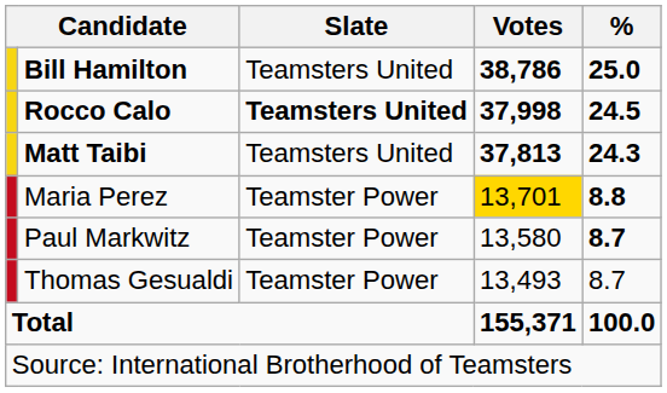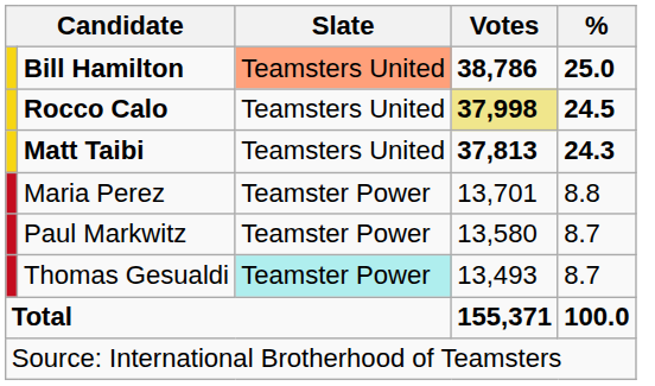 <table class="wikitable defaultright col1left col2left col3left">
 <tr>
 <th colspan=2>Candidate</th>
 <th>Slate</th>
 <th>Votes</th>
 <th>%</th>
 </tr>
 <tr>
 <td style="background: #F7D612"></td>
 <td><strong>Bill Hamilton</strong></td>
-<td style="white-space: nowrap">Teamsters United</td>
+<td style="background: lightsalmon; white-space: nowrap">Teamsters United</td>
 <td><strong>38,786</strong></td>
 <td><strong>25.0</strong></td>
 </tr>
 <tr>
 <td style="background: #F7D612"></td>
 <td><strong>Rocco Calo</strong></td>
-<td><strong>Teamsters United</strong></td>
-<td><strong>37,998</strong></td>
+<td>Teamsters United</td>
+<td style="background: khaki;"><strong>37,998</strong></td>
 <td><strong>24.5</strong></td>
 </tr>
 <tr>
 <td style="background: #F7D612"></td>
 <td><strong>Matt Taibi</strong></td>
 <td>Teamsters United</td>
 <td><strong>37,813</strong></td>
 <td><strong>24.3</strong></td>
 </tr>
 <tr>
 <td style="background: #C40C1F"></td>
 <td>Maria Perez</td>
 <td>Teamster Power</td>
-<td style="background: gold;">13,701</td>
-<td><strong>8.8</strong></td>
+<td>13,701</td>
+<td>8.8</td>
 </tr>
 <tr>
 <td style="background: #C40C1F"></td>
 <td>Paul Markwitz</td>
 <td>Teamster Power</td>
 <td>13,580</td>
-<td><strong>8.7</strong></td>
+<td>8.7</td>
 </tr>
 <tr>
 <td style="background: #C40C1F"></td>
 <td>Thomas Gesualdi</td>
-<td>Teamster Power</td>
+<td style="background: paleturquoise;">Teamster Power</td>
 <td>13,493</td>
 <td>8.7</td>
 </tr>
 <tr style="font-weight: bold">
 <td colspan=3>Total</td>
 <td style="text-align: right">155,371</td>
 <td style="text-align: right">100.0</td>
 </tr>
 <tr>
 <td colspan=5>Source: International Brotherhood of Teamsters</td>
 </tr>
 </table>
